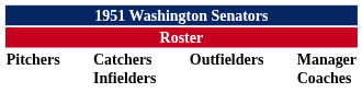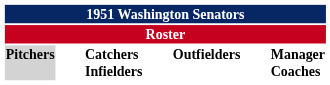 <table class="toccolours" style="font-size: 95%;">
 <tr>
 <th colspan="10" style="background-color: #072764; color: white; text-align: center;">1951 Washington Senators</th>
 </tr>
 <tr>
 <td colspan="10" style="background-color: #c6011f; color: white; text-align: center;"><strong>Roster</strong></td>
 </tr>
 <tr>
-<td valign="top"><strong>Pitchers</strong><br>                </td>
+<td valign="top" style="background: lightgrey;"><strong>Pitchers</strong><br>                </td>
 <td width="25px"></td>
 <td valign="top"><strong>Catchers</strong><br>     <strong>Infielders</strong>         </td>
 <td width="25px"></td>
 <td valign="top"><strong>Outfielders</strong><br>      </td>
 <td width="25px"></td>
 <td valign="top"><strong>Manager</strong><br> <strong>Coaches</strong>    </td>
 </tr>
 <tr>
 </tr>
 </table>
